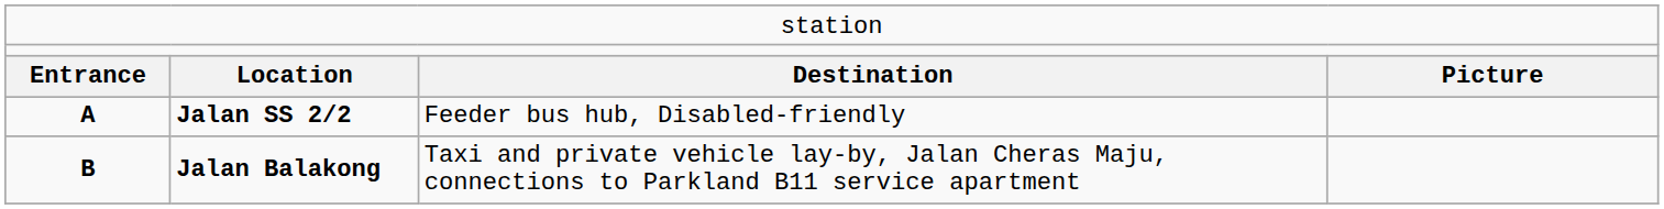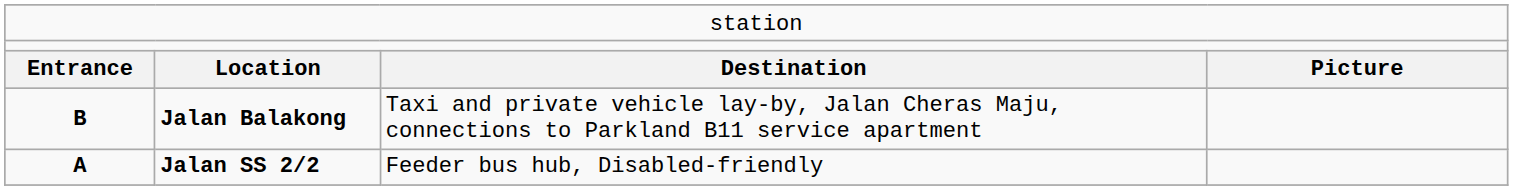 <table class="wikitable" style="width:70%">
 <tr>
 <td colspan="4" align="center"> station</td>
 </tr>
 <tr>
 <td colspan="4" align="center"></td>
 </tr>
 <tr>
 <th style="width:10%">Entrance</th>
 <th style="width:15%">Location</th>
 <th style="width:55%">Destination</th>
 <th style="width:20%">Picture</th>
 </tr>
 <tr>
+<td align="center"><strong><span>B</span></strong></td>
+<td><strong>Jalan Balakong</strong></td>
+<td>Taxi and private vehicle lay-by, Jalan Cheras Maju, connections to Parkland B11 service apartment</td>
+<td></td>
+</tr>
+<tr>
 <td align="center"><strong><span>A</span></strong></td>
 <td><strong>Jalan SS 2/2</strong></td>
 <td>Feeder bus hub, Disabled-friendly</td>
 <td></td>
 </tr>
-<tr>
-<td align="center"><strong><span>B</span></strong></td>
-<td><strong>Jalan Balakong</strong></td>
-<td>Taxi and private vehicle lay-by, Jalan Cheras Maju, connections to Parkland B11 service apartment</td>
-<td></td>
-</tr>
 </table>
